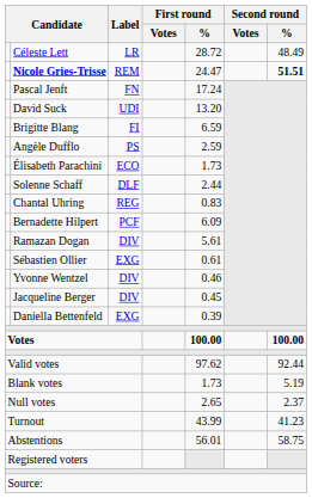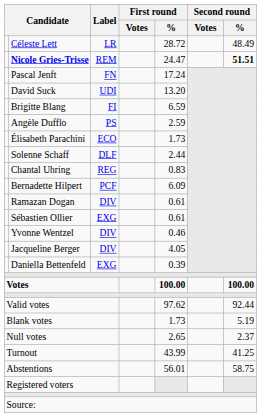 <table class="wikitable" style="text-align:right;font-size:95%;">
 <tr>
 <th rowspan="2" colspan="2">Candidate</th>
 <th rowspan="2">Label</th>
 <th colspan="2">First round</th>
 <th colspan="2">Second round</th>
 </tr>
 <tr>
 <th style="width:50px;">Votes</th>
 <th style="width:45px;">%</th>
 <th style="width:50px;">Votes</th>
 <th style="width:45px;">%</th>
 </tr>
 <tr>
 <td style="color:inherit;background:"></td>
 <td style="text-align:left;"><a href='#'>Céleste Lett</a></td>
 <td><a href='#'>LR</a></td>
 <td></td>
 <td>28.72</td>
 <td></td>
 <td>48.49</td>
 </tr>
 <tr>
 <td style="color:inherit;background:"></td>
 <td style="text-align:left;"><strong><a href='#'>Nicole Gries-Trisse</a></strong></td>
 <td><a href='#'>REM</a></td>
 <td></td>
 <td>24.47</td>
 <td><strong></strong></td>
 <td><strong>51.51</strong></td>
 </tr>
 <tr>
 <td style="color:inherit;background:"></td>
 <td style="text-align:left;">Pascal Jenft</td>
 <td><a href='#'>FN</a></td>
 <td></td>
 <td>17.24</td>
 <td colspan="2" rowspan="13" style="background:#E9E9E9;"></td>
 </tr>
 <tr>
 <td style="color:inherit;background:"></td>
 <td style="text-align:left;">David Suck</td>
 <td><a href='#'>UDI</a></td>
 <td></td>
 <td>13.20</td>
 </tr>
 <tr>
 <td style="color:inherit;background:"></td>
 <td style="text-align:left;">Brigitte Blang</td>
 <td><a href='#'>FI</a></td>
 <td></td>
 <td>6.59</td>
 </tr>
 <tr>
 <td style="color:inherit;background:"></td>
 <td style="text-align:left;">Angèle Dufflo</td>
 <td><a href='#'>PS</a></td>
 <td></td>
 <td>2.59</td>
 </tr>
 <tr>
 <td style="color:inherit;background:"></td>
 <td style="text-align:left;">Élisabeth Parachini</td>
 <td><a href='#'>ECO</a></td>
 <td></td>
 <td>1.73</td>
 </tr>
 <tr>
 <td style="color:inherit;background:"></td>
 <td style="text-align:left;">Solenne Schaff</td>
 <td><a href='#'>DLF</a></td>
 <td></td>
 <td>2.44</td>
 </tr>
 <tr>
 <td style="color:inherit;background:"></td>
 <td style="text-align:left;">Chantal Uhring</td>
 <td><a href='#'>REG</a></td>
 <td></td>
 <td>0.83</td>
 </tr>
 <tr>
 <td style="color:inherit;background:"></td>
 <td style="text-align:left;">Bernadette Hilpert</td>
 <td><a href='#'>PCF</a></td>
 <td></td>
 <td>6.09</td>
 </tr>
 <tr>
 <td style="color:inherit;background:"></td>
 <td style="text-align:left;">Ramazan Dogan</td>
 <td><a href='#'>DIV</a></td>
 <td></td>
-<td>5.61</td>
+<td>0.61</td>
 </tr>
 <tr>
 <td style="color:inherit;background:"></td>
 <td style="text-align:left;">Sébastien Ollier</td>
 <td><a href='#'>EXG</a></td>
 <td></td>
 <td>0.61</td>
 </tr>
 <tr>
 <td style="color:inherit;background:"></td>
 <td style="text-align:left;">Yvonne Wentzel</td>
 <td><a href='#'>DIV</a></td>
 <td></td>
 <td>0.46</td>
 </tr>
 <tr>
 <td style="color:inherit;background:"></td>
 <td style="text-align:left;">Jacqueline Berger</td>
 <td><a href='#'>DIV</a></td>
 <td></td>
-<td>0.45</td>
+<td>4.05</td>
 </tr>
 <tr>
 <td style="color:inherit;background:"></td>
 <td style="text-align:left;">Daniella Bettenfeld</td>
 <td><a href='#'>EXG</a></td>
 <td></td>
 <td>0.39</td>
 </tr>
 <tr>
 <td colspan="7" style="background:#E9E9E9;"></td>
 </tr>
 <tr style="font-weight:bold;">
 <td colspan="3" style="text-align:left;">Votes</td>
 <td></td>
 <td>100.00</td>
 <td></td>
 <td>100.00</td>
 </tr>
 <tr>
 <td colspan="7" style="background:#E9E9E9;"></td>
 </tr>
 <tr>
 <td colspan="3" style="text-align:left;">Valid votes</td>
 <td></td>
 <td>97.62</td>
 <td></td>
 <td>92.44</td>
 </tr>
 <tr>
 <td colspan="3" style="text-align:left;">Blank votes</td>
 <td></td>
 <td>1.73</td>
 <td></td>
 <td>5.19</td>
 </tr>
 <tr>
 <td colspan="3" style="text-align:left;">Null votes</td>
 <td></td>
 <td>2.65</td>
 <td></td>
 <td>2.37</td>
 </tr>
 <tr>
 <td colspan="3" style="text-align:left;">Turnout</td>
 <td></td>
 <td>43.99</td>
 <td></td>
-<td>41.23</td>
+<td>41.25</td>
 </tr>
 <tr>
 <td colspan="3" style="text-align:left;">Abstentions</td>
 <td></td>
 <td>56.01</td>
 <td></td>
 <td>58.75</td>
 </tr>
 <tr>
 <td colspan="3" style="text-align:left;">Registered voters</td>
 <td></td>
 <td style="background:#E9E9E9;"></td>
 <td></td>
 <td style="background:#E9E9E9;"></td>
 </tr>
 <tr>
 <td colspan="7" style="background:#E9E9E9;"></td>
 </tr>
 <tr>
 <td colspan="7" style="text-align:left;">Source: </td>
 </tr>
 </table>
